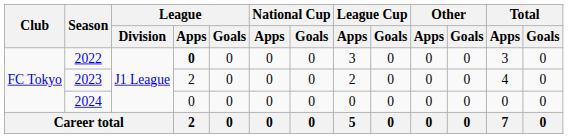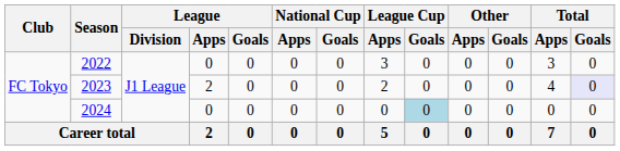 <table class="wikitable" style="text-align: center">
 <tr>
 <th rowspan="2">Club</th>
 <th rowspan="2">Season</th>
 <th colspan="3">League</th>
 <th colspan="2">National Cup</th>
 <th colspan="2">League Cup</th>
 <th colspan="2">Other</th>
 <th colspan="2">Total</th>
 </tr>
 <tr>
 <th>Division</th>
 <th>Apps</th>
 <th>Goals</th>
 <th>Apps</th>
 <th>Goals</th>
 <th>Apps</th>
 <th>Goals</th>
 <th>Apps</th>
 <th>Goals</th>
 <th>Apps</th>
 <th>Goals</th>
 </tr>
 <tr>
 <td rowspan="3"><a href='#'>FC Tokyo</a></td>
 <td><a href='#'>2022</a></td>
 <td rowspan="3"><a href='#'>J1 League</a></td>
-<td><strong>0</strong></td>
+<td>0</td>
 <td>0</td>
 <td>0</td>
 <td>0</td>
 <td>3</td>
 <td>0</td>
 <td>0</td>
 <td>0</td>
 <td>3</td>
 <td>0</td>
 </tr>
 <tr>
 <td><a href='#'>2023</a></td>
 <td>2</td>
 <td>0</td>
 <td>0</td>
 <td>0</td>
 <td>2</td>
 <td>0</td>
 <td>0</td>
 <td>0</td>
 <td>4</td>
-<td>0</td>
+<td style="background: lavender;">0</td>
 </tr>
 <tr>
 <td><a href='#'>2024</a></td>
 <td>0</td>
 <td>0</td>
 <td>0</td>
 <td>0</td>
 <td>0</td>
-<td>0</td>
+<td style="background: lightblue;">0</td>
 <td>0</td>
 <td>0</td>
 <td>0</td>
 <td>0</td>
 </tr>
 <tr>
 <th colspan=3>Career total</th>
 <th>2</th>
 <th>0</th>
 <th>0</th>
 <th>0</th>
 <th>5</th>
 <th>0</th>
 <th>0</th>
 <th>0</th>
 <th>7</th>
 <th>0</th>
 </tr>
 </table>
